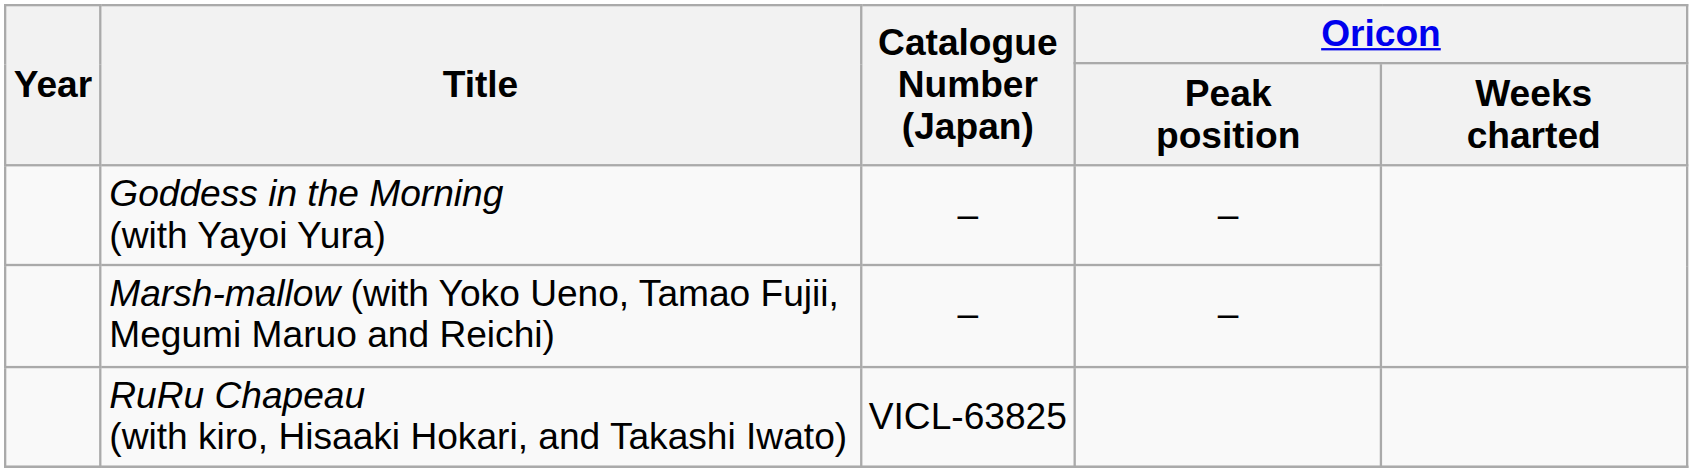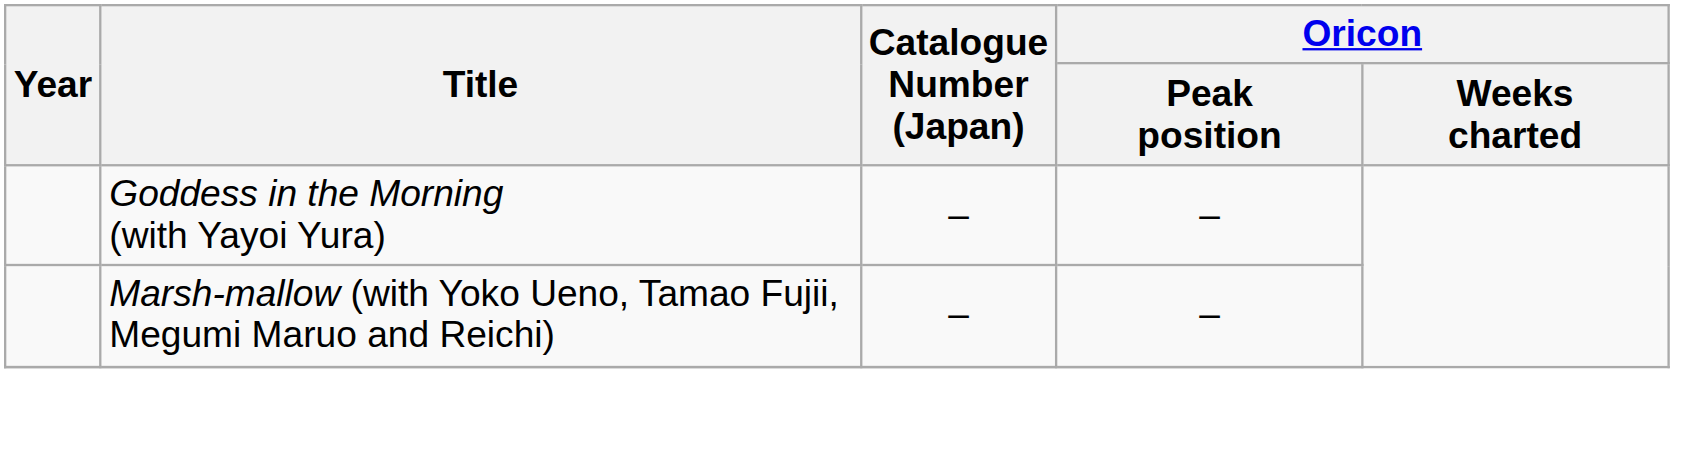 <table class="wikitable plainrowheaders" style="text-align:center">
 <tr>
 <th rowspan=2; style="width:2em;">Year</th>
 <th rowspan=2; style="width:20em;">Title</th>
 <th rowspan=2;>Catalogue <br> Number <br>(Japan)</th>
 <th colspan=2; style="width:16em;"><a href='#'>Oricon</a><br></th>
 </tr>
 <tr>
 <th style="width:6em;">Peak<br>position</th>
 <th style="width:6em;">Weeks<br> charted</th>
 </tr>
 <tr>
 <td></td>
 <td align=left><em>Goddess in the Morning</em><br>(with Yayoi Yura)</td>
 <td>–</td>
 <td>–</td>
 </tr>
 <tr>
 <td></td>
 <td align=left><em>Marsh-mallow</em> (with Yoko Ueno, Tamao Fujii, Megumi Maruo and Reichi)</td>
 <td>–</td>
 <td>–</td>
 </tr>
 <tr>
-<td></td>
-<td align=left><em>RuRu Chapeau</em><br>(with kiro, Hisaaki Hokari, and Takashi Iwato)</td>
-<td>VICL-63825</td>
-<td>  </td>
-<td> </td>
-</tr>
-<tr>
 </tr>
 </table>
